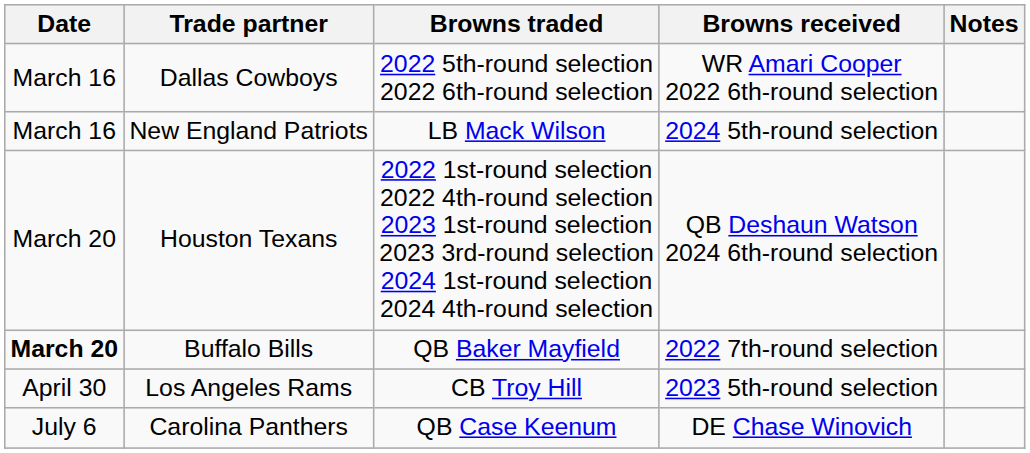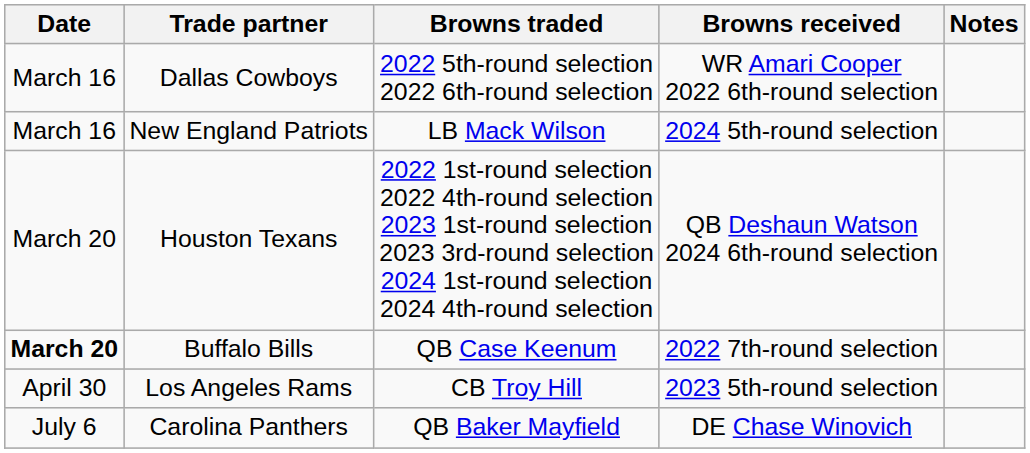 <table class="wikitable" style="text-align:center">
 <tr>
 <th>Date</th>
 <th>Trade partner</th>
 <th>Browns traded</th>
 <th>Browns received</th>
 <th>Notes</th>
 </tr>
 <tr>
 <td>March 16</td>
 <td>Dallas Cowboys</td>
 <td><a href='#'>2022</a> 5th-round selection <br>2022 6th-round selection</td>
 <td>WR <a href='#'>Amari Cooper</a> <br>2022 6th-round selection</td>
 <td></td>
 </tr>
 <tr>
 <td>March 16</td>
 <td>New England Patriots</td>
 <td>LB <a href='#'>Mack Wilson</a></td>
 <td><a href='#'>2024</a> 5th-round selection</td>
 <td></td>
 </tr>
 <tr>
 <td>March 20</td>
 <td>Houston Texans</td>
 <td><a href='#'>2022</a> 1st-round selection <br>2022 4th-round selection <br><a href='#'>2023</a> 1st-round selection <br>2023 3rd-round selection <br><a href='#'>2024</a> 1st-round selection <br>2024 4th-round selection</td>
 <td>QB <a href='#'>Deshaun Watson</a> <br>2024 6th-round selection</td>
 <td></td>
 </tr>
 <tr>
 <td><strong>March 20</strong></td>
 <td>Buffalo Bills</td>
-<td>QB <a href='#'>Baker Mayfield</a></td>
+<td>QB <a href='#'>Case Keenum</a></td>
 <td><a href='#'>2022</a> 7th-round selection</td>
 <td></td>
 </tr>
 <tr>
 <td>April 30</td>
 <td>Los Angeles Rams</td>
 <td>CB <a href='#'>Troy Hill</a></td>
 <td><a href='#'>2023</a> 5th-round selection</td>
 <td></td>
 </tr>
 <tr>
 <td>July 6</td>
 <td>Carolina Panthers</td>
-<td>QB <a href='#'>Case Keenum</a></td>
+<td>QB <a href='#'>Baker Mayfield</a></td>
 <td>DE <a href='#'>Chase Winovich</a></td>
 <td></td>
 </tr>
 </table>
